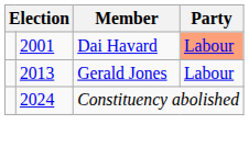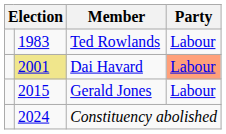 <table class="wikitable">
 <tr>
 <th colspan="2">Election</th>
 <th>Member</th>
 <th>Party</th>
 </tr>
 <tr>
 <td style="color:inherit;background-color: "></td>
-<td><a href='#'>2001</a></td>
+<td><a href='#'>1983</a></td>
+<td><a href='#'>Ted Rowlands</a></td>
+<td><a href='#'>Labour</a></td>
+</tr>
+<tr>
+<td style="color:inherit;background-color: "></td>
+<td style="background: khaki;"><a href='#'>2001</a></td>
 <td><a href='#'>Dai Havard</a></td>
 <td style="background: lightsalmon;"><a href='#'>Labour</a></td>
 </tr>
 <tr>
 <td style="color:inherit;background-color: "></td>
-<td><a href='#'>2013</a></td>
+<td><a href='#'>2015</a></td>
 <td><a href='#'>Gerald Jones</a></td>
 <td><a href='#'>Labour</a></td>
 </tr>
 <tr>
 <td></td>
 <td><a href='#'>2024</a></td>
 <td colspan="2"><em>Constituency abolished</em></td>
 </tr>
 </table>
